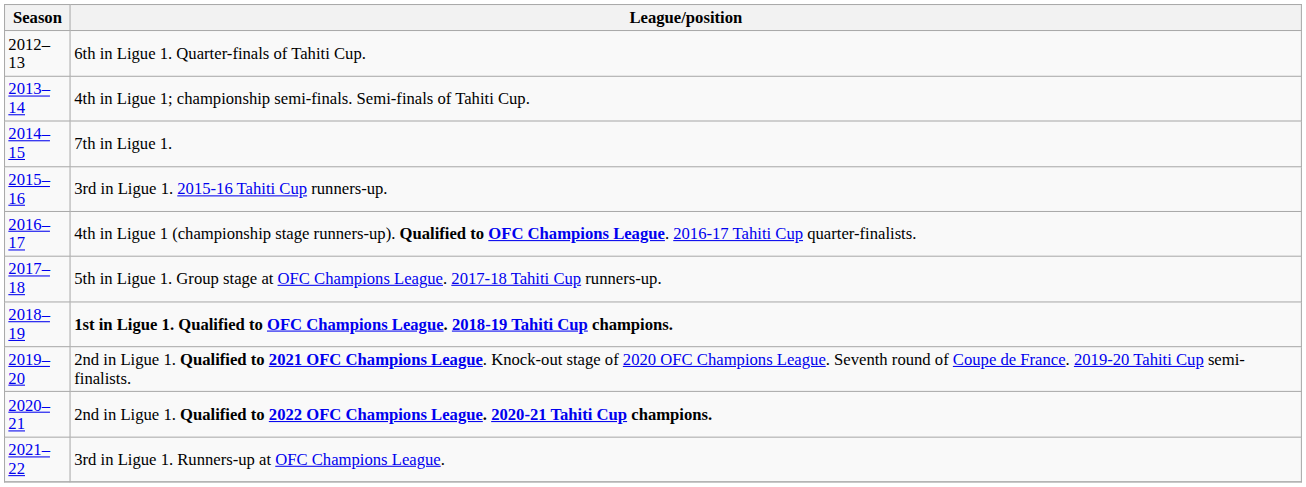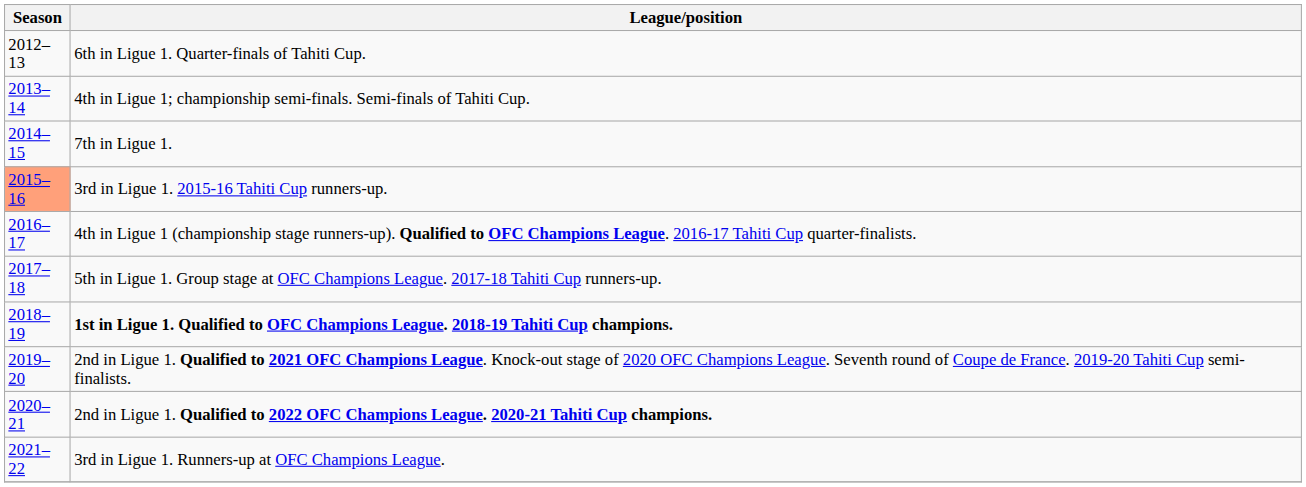 <table class="wikitable sortable">
 <tr>
 <th>Season</th>
 <th>League/position</th>
 </tr>
 <tr>
 <td>2012–13</td>
 <td>6th in Ligue 1. Quarter-finals of Tahiti Cup.</td>
 </tr>
 <tr>
 <td><a href='#'>2013–14</a></td>
 <td>4th in Ligue 1; championship semi-finals.  Semi-finals of Tahiti Cup.</td>
 </tr>
 <tr>
 <td><a href='#'>2014–15</a></td>
 <td>7th in Ligue 1.</td>
 </tr>
 <tr>
-<td><a href='#'>2015–16</a></td>
+<td style="background: lightsalmon;"><a href='#'>2015–16</a></td>
 <td>3rd in Ligue 1. <a href='#'>2015-16 Tahiti Cup</a> runners-up.</td>
 </tr>
 <tr>
 <td><a href='#'>2016–17</a></td>
 <td>4th in Ligue 1 (championship stage runners-up). <strong>Qualified to <a href='#'>OFC Champions League</a></strong>.  <a href='#'>2016-17 Tahiti Cup</a> quarter-finalists.</td>
 </tr>
 <tr>
 <td><a href='#'>2017–18</a></td>
 <td>5th in Ligue 1. Group stage at <a href='#'>OFC Champions League</a>. <a href='#'>2017-18 Tahiti Cup</a> runners-up.</td>
 </tr>
 <tr>
 <td><a href='#'>2018–19</a></td>
 <td><strong>1st in Ligue 1. Qualified to <a href='#'>OFC Champions League</a>. <a href='#'>2018-19 Tahiti Cup</a> champions.</strong></td>
 </tr>
 <tr>
 <td><a href='#'>2019–20</a></td>
 <td>2nd in Ligue 1. <strong>Qualified to <a href='#'>2021 OFC Champions League</a></strong>. Knock-out stage of <a href='#'>2020 OFC Champions League</a>. Seventh round of <a href='#'>Coupe de France</a>. <a href='#'>2019-20 Tahiti Cup</a> semi-finalists.</td>
 </tr>
 <tr>
 <td><a href='#'>2020–21</a></td>
 <td>2nd in Ligue 1. <strong>Qualified to <a href='#'>2022 OFC Champions League</a>. <a href='#'>2020-21 Tahiti Cup</a> champions.</strong></td>
 </tr>
 <tr>
 <td><a href='#'>2021–22</a></td>
 <td>3rd in Ligue 1. Runners-up at <a href='#'>OFC Champions League</a>.</td>
 </tr>
 <tr>
 </tr>
 </table>
